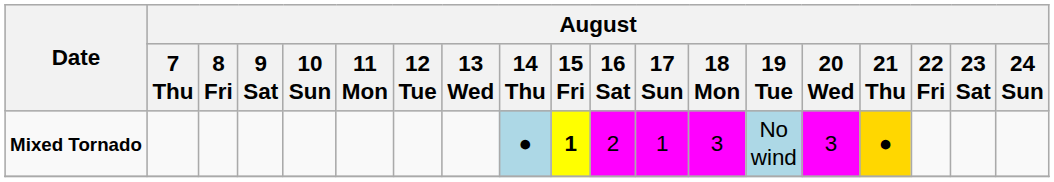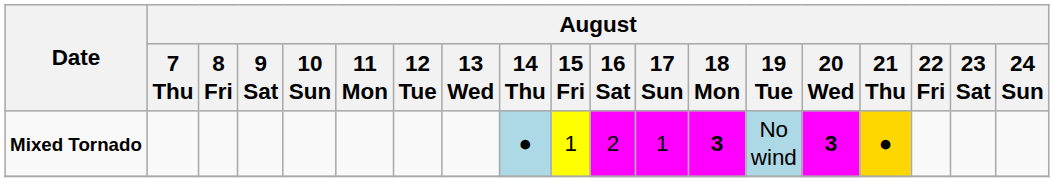 <table class="wikitable" style="margin:0.5em auto; font-size:90%; line-height:1.25em;">
 <tr>
 <th rowspan=2>Date</th>
 <th colspan=18>August</th>
 </tr>
 <tr>
 <th>7<br>Thu</th>
 <th>8<br>Fri</th>
 <th>9<br>Sat</th>
 <th>10<br>Sun</th>
 <th>11<br>Mon</th>
 <th>12<br>Tue</th>
 <th>13<br>Wed</th>
 <th>14<br>Thu</th>
 <th>15<br>Fri</th>
 <th>16<br>Sat</th>
 <th>17<br>Sun</th>
 <th>18<br>Mon</th>
 <th>19<br>Tue</th>
 <th>20<br>Wed</th>
 <th>21<br>Thu</th>
 <th>22<br>Fri</th>
 <th>23<br>Sat</th>
 <th>24<br>Sun</th>
 </tr>
 <tr align="center">
 <td align="right"><small><strong>Mixed Tornado</strong></small></td>
 <td></td>
 <td></td>
 <td></td>
 <td></td>
 <td></td>
 <td></td>
 <td></td>
 <td bgcolor=LightBlue><span> ● </span></td>
-<td bgcolor=Yellow><strong><span> 1 </span></strong></td>
+<td bgcolor=Yellow><span> 1 </span></td>
 <td bgcolor=Fuchsia><span> 2 </span></td>
 <td bgcolor=Fuchsia><span> 1 </span></td>
-<td bgcolor=Fuchsia><span> 3 </span></td>
+<td bgcolor=Fuchsia><strong><span> 3 </span></strong></td>
 <td bgcolor=LightBlue><span> No<br>wind </span></td>
-<td bgcolor=Fuchsia><span> 3 </span></td>
+<td bgcolor=Fuchsia><strong><span> 3 </span></strong></td>
 <td bgcolor=Gold><span> ● </span></td>
 <td></td>
 <td></td>
 <td></td>
 </tr>
 <tr>
 </tr>
 </table>
